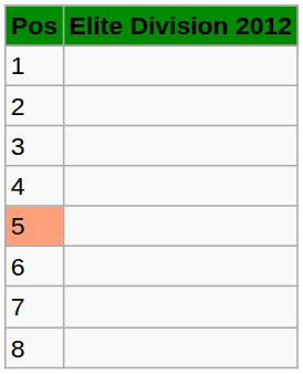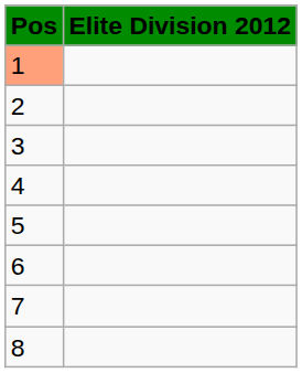 <table class="wikitable" style="margin:0.5em auto; font-size:95%">
 <tr style="background:#008b00;">
 <td><strong>Pos</strong></td>
 <td><strong>Elite Division 2012</strong></td>
 </tr>
 <tr>
-<td>1</td>
+<td style="background: lightsalmon;">1</td>
 <td></td>
 </tr>
 <tr>
 <td>2</td>
 <td></td>
 </tr>
 <tr>
 <td>3</td>
 <td></td>
 </tr>
 <tr>
 <td>4</td>
 <td></td>
 </tr>
 <tr>
-<td style="background: lightsalmon;">5</td>
+<td>5</td>
 <td></td>
 </tr>
 <tr>
 <td>6</td>
 <td></td>
 </tr>
 <tr>
 <td>7</td>
 <td></td>
 </tr>
 <tr>
 <td>8</td>
 <td></td>
 </tr>
 </table>
